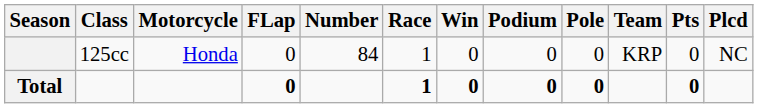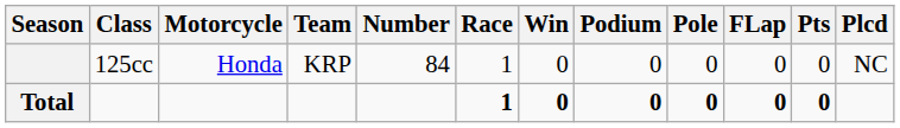 <table class="wikitable">
 <tr>
 <th>Season</th>
 <th>Class</th>
 <th>Motorcycle</th>
-<th>FLap</th>
+<th>Team</th>
 <th>Number</th>
 <th>Race</th>
 <th>Win</th>
 <th>Podium</th>
 <th>Pole</th>
-<th>Team</th>
+<th>FLap</th>
 <th>Pts</th>
 <th>Plcd</th>
 </tr>
 <tr style="text-align:right;">
 <th></th>
 <td>125cc</td>
 <td><a href='#'>Honda</a></td>
-<td>0</td>
+<td>KRP</td>
 <td>84</td>
 <td>1</td>
 <td>0</td>
 <td>0</td>
 <td>0</td>
-<td>KRP</td>
+<td>0</td>
 <td>0</td>
 <td>NC</td>
 </tr>
 <tr style="text-align:right;">
 <th>Total</th>
 <td></td>
 <td></td>
-<td><strong>0</strong></td>
+<td></td>
 <td></td>
 <td><strong>1</strong></td>
 <td><strong>0</strong></td>
 <td><strong>0</strong></td>
 <td><strong>0</strong></td>
-<td></td>
+<td><strong>0</strong></td>
 <td><strong>0</strong></td>
 <td></td>
 </tr>
 </table>
